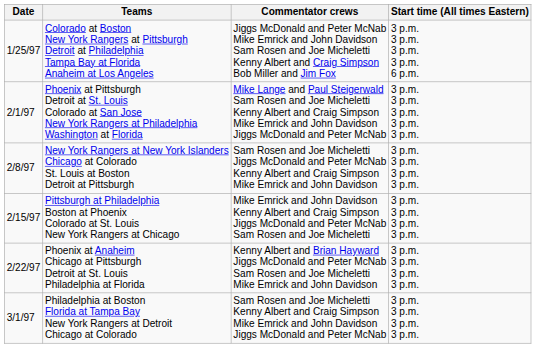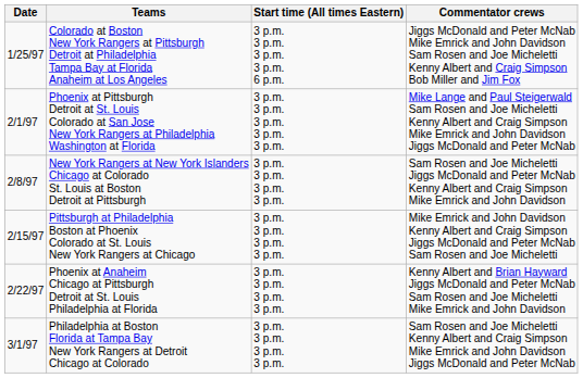 <table class="wikitable">
 <tr>
 <th>Date</th>
 <th>Teams</th>
+<th>Start time (All times Eastern)</th>
 <th>Commentator crews</th>
-<th>Start time (All times Eastern)</th>
 </tr>
 <tr>
 <td>1/25/97</td>
 <td><a href='#'>Colorado</a> at <a href='#'>Boston</a><br><a href='#'>New York Rangers</a> at <a href='#'>Pittsburgh</a><br><a href='#'>Detroit</a> at <a href='#'>Philadelphia</a><br><a href='#'>Tampa Bay at Florida</a><br><a href='#'>Anaheim at Los Angeles</a></td>
+<td>3 p.m.<br>3 p.m.<br>3 p.m.<br>3 p.m.<br>6 p.m.</td>
 <td>Jiggs McDonald and Peter McNab<br>Mike Emrick and John Davidson<br>Sam Rosen and Joe Micheletti<br>Kenny Albert and <a href='#'>Craig Simpson</a><br>Bob Miller and <a href='#'>Jim Fox</a></td>
-<td>3 p.m.<br>3 p.m.<br>3 p.m.<br>3 p.m.<br>6 p.m.</td>
 </tr>
 <tr>
 <td>2/1/97</td>
 <td><a href='#'>Phoenix</a> at Pittsburgh<br>Detroit at <a href='#'>St. Louis</a><br>Colorado at <a href='#'>San Jose</a><br><a href='#'>New York Rangers at Philadelphia</a><br><a href='#'>Washington</a> at <a href='#'>Florida</a></td>
+<td>3 p.m.<br>3 p.m.<br>3 p.m.<br>3 p.m.<br>3 p.m.</td>
 <td><a href='#'>Mike Lange</a> and <a href='#'>Paul Steigerwald</a><br>Sam Rosen and Joe Micheletti<br>Kenny Albert and Craig Simpson<br>Mike Emrick and John Davidson<br>Jiggs McDonald and Peter McNab</td>
-<td>3 p.m.<br>3 p.m.<br>3 p.m.<br>3 p.m.<br>3 p.m.</td>
 </tr>
 <tr>
 <td>2/8/97</td>
 <td><a href='#'>New York Rangers at New York Islanders</a><br><a href='#'>Chicago</a> at Colorado<br>St. Louis at Boston<br>Detroit at Pittsburgh</td>
+<td>3 p.m.<br>3 p.m.<br>3 p.m.<br>3 p.m.</td>
 <td>Sam Rosen and Joe Micheletti<br>Jiggs McDonald and Peter McNab<br>Kenny Albert and Craig Simpson<br>Mike Emrick and John Davidson</td>
-<td>3 p.m.<br>3 p.m.<br>3 p.m.<br>3 p.m.</td>
 </tr>
 <tr>
 <td>2/15/97</td>
 <td><a href='#'>Pittsburgh at Philadelphia</a><br>Boston at Phoenix<br>Colorado at St. Louis<br>New York Rangers at Chicago</td>
+<td>3 p.m.<br>3 p.m.<br>3 p.m.<br>3 p.m.</td>
 <td>Mike Emrick and John Davidson<br>Kenny Albert and Craig Simpson<br>Jiggs McDonald and Peter McNab<br>Sam Rosen and Joe Micheletti</td>
-<td>3 p.m.<br>3 p.m.<br>3 p.m.<br>3 p.m.</td>
 </tr>
 <tr>
 <td>2/22/97</td>
 <td>Phoenix at <a href='#'>Anaheim</a><br>Chicago at Pittsburgh<br>Detroit at St. Louis<br>Philadelphia at Florida</td>
+<td>3 p.m.<br>3 p.m.<br>3 p.m.<br>3 p.m.</td>
 <td>Kenny Albert and <a href='#'>Brian Hayward</a><br>Jiggs McDonald and Peter McNab<br>Sam Rosen and Joe Micheletti<br>Mike Emrick and John Davidson</td>
-<td>3 p.m.<br>3 p.m.<br>3 p.m.<br>3 p.m.</td>
 </tr>
 <tr>
 <td>3/1/97</td>
 <td>Philadelphia at Boston<br><a href='#'>Florida at Tampa Bay</a><br>New York Rangers at Detroit<br>Chicago at Colorado</td>
+<td>3 p.m.<br>3 p.m.<br>3 p.m.<br>3 p.m.</td>
 <td>Sam Rosen and Joe Micheletti<br>Kenny Albert and Craig Simpson<br>Mike Emrick and John Davidson<br>Jiggs McDonald and Peter McNab</td>
-<td>3 p.m.<br>3 p.m.<br>3 p.m.<br>3 p.m.</td>
 </tr>
 </table>
